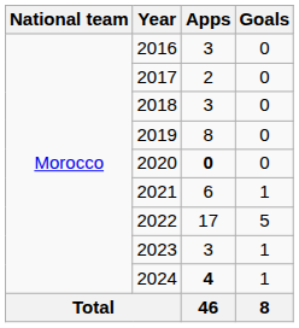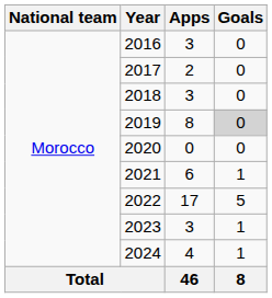 <table class="wikitable" style="text-align:center">
 <tr>
 <th>National team</th>
 <th>Year</th>
 <th>Apps</th>
 <th>Goals</th>
 </tr>
 <tr>
 <td rowspan="9"><a href='#'>Morocco</a></td>
 <td>2016</td>
 <td>3</td>
 <td>0</td>
 </tr>
 <tr>
 <td>2017</td>
 <td>2</td>
 <td>0</td>
 </tr>
 <tr>
 <td>2018</td>
 <td>3</td>
 <td>0</td>
 </tr>
 <tr>
 <td>2019</td>
 <td>8</td>
-<td>0</td>
+<td style="background: lightgrey;">0</td>
 </tr>
 <tr>
 <td>2020</td>
-<td><strong>0</strong></td>
+<td>0</td>
 <td>0</td>
 </tr>
 <tr>
 <td>2021</td>
 <td>6</td>
 <td>1</td>
 </tr>
 <tr>
 <td>2022</td>
 <td>17</td>
 <td>5</td>
 </tr>
 <tr>
 <td>2023</td>
 <td>3</td>
 <td>1</td>
 </tr>
 <tr>
 <td>2024</td>
-<td><strong>4</strong></td>
+<td>4</td>
 <td>1</td>
 </tr>
 <tr>
 <th colspan="2">Total</th>
 <th>46</th>
 <th>8</th>
 </tr>
 </table>
